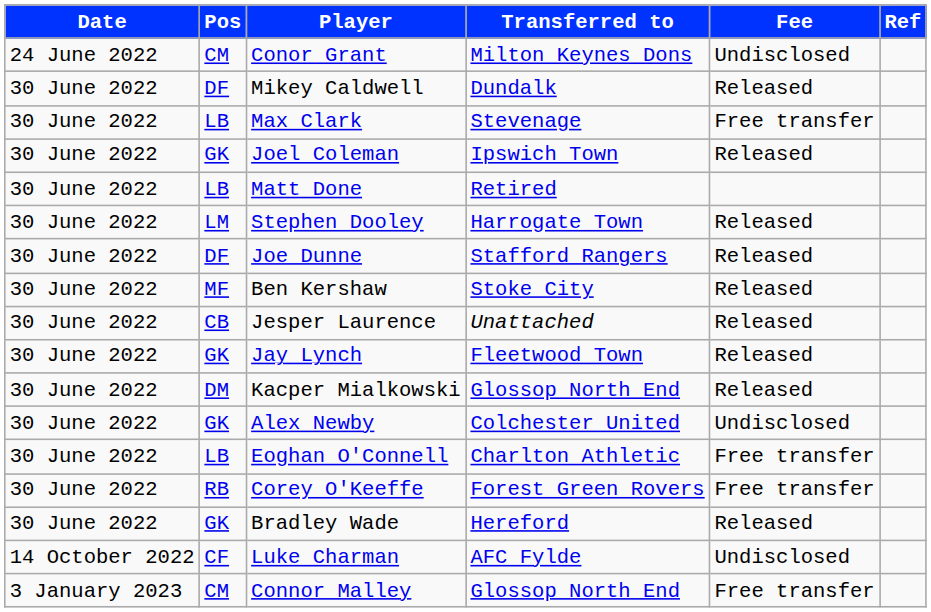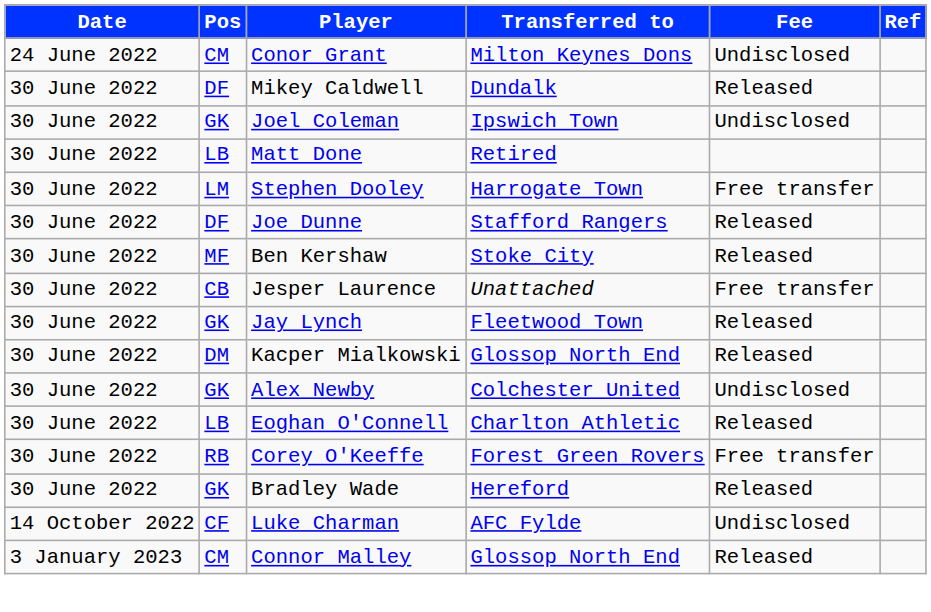 <table class="wikitable plainrowheaders sortable">
 <tr>
 <th style="background:#0033FF; color:#FFFFFF; ">Date</th>
 <th style="background:#0033FF; color:#FFFFFF; ">Pos</th>
 <th style="background:#0033FF; color:#FFFFFF; ">Player</th>
 <th style="background:#0033FF; color:#FFFFFF; ">Transferred to</th>
 <th style="background:#0033FF; color:#FFFFFF; ">Fee</th>
 <th style="background:#0033FF; color:#FFFFFF; ">Ref</th>
 </tr>
 <tr>
 <td>24 June 2022</td>
 <td><a href='#'>CM</a></td>
 <td> <a href='#'>Conor Grant</a></td>
 <td> <a href='#'>Milton Keynes Dons</a></td>
 <td>Undisclosed</td>
 <td></td>
 </tr>
 <tr>
 <td>30 June 2022</td>
 <td><a href='#'>DF</a></td>
 <td> Mikey Caldwell</td>
 <td> <a href='#'>Dundalk</a></td>
 <td>Released</td>
 <td></td>
 </tr>
 <tr>
 <td>30 June 2022</td>
-<td><a href='#'>LB</a></td>
-<td> <a href='#'>Max Clark</a></td>
-<td> <a href='#'>Stevenage</a></td>
-<td>Free transfer</td>
-<td></td>
-</tr>
-<tr>
-<td>30 June 2022</td>
 <td><a href='#'>GK</a></td>
 <td> <a href='#'>Joel Coleman</a></td>
 <td> <a href='#'>Ipswich Town</a></td>
-<td>Released</td>
+<td>Undisclosed</td>
 <td></td>
 </tr>
 <tr>
 <td>30 June 2022</td>
 <td><a href='#'>LB</a></td>
 <td> <a href='#'>Matt Done</a></td>
 <td><a href='#'>Retired</a></td>
 <td></td>
 <td></td>
 </tr>
 <tr>
 <td>30 June 2022</td>
 <td><a href='#'>LM</a></td>
 <td> <a href='#'>Stephen Dooley</a></td>
 <td> <a href='#'>Harrogate Town</a></td>
-<td>Released</td>
+<td>Free transfer</td>
 <td></td>
 </tr>
 <tr>
 <td>30 June 2022</td>
 <td><a href='#'>DF</a></td>
 <td> <a href='#'>Joe Dunne</a></td>
 <td> <a href='#'>Stafford Rangers</a></td>
 <td>Released</td>
 <td></td>
 </tr>
 <tr>
 <td>30 June 2022</td>
 <td><a href='#'>MF</a></td>
 <td> Ben Kershaw</td>
 <td> <a href='#'>Stoke City</a></td>
 <td>Released</td>
 <td></td>
 </tr>
 <tr>
 <td>30 June 2022</td>
 <td><a href='#'>CB</a></td>
 <td> Jesper Laurence</td>
 <td> <em>Unattached</em></td>
-<td>Released</td>
+<td>Free transfer</td>
 <td></td>
 </tr>
 <tr>
 <td>30 June 2022</td>
 <td><a href='#'>GK</a></td>
 <td> <a href='#'>Jay Lynch</a></td>
 <td> <a href='#'>Fleetwood Town</a></td>
 <td>Released</td>
 <td></td>
 </tr>
 <tr>
 <td>30 June 2022</td>
 <td><a href='#'>DM</a></td>
 <td> Kacper Mialkowski</td>
 <td> <a href='#'>Glossop North End</a></td>
 <td>Released</td>
 <td></td>
 </tr>
 <tr>
 <td>30 June 2022</td>
 <td><a href='#'>GK</a></td>
 <td> <a href='#'>Alex Newby</a></td>
 <td> <a href='#'>Colchester United</a></td>
 <td>Undisclosed</td>
 <td></td>
 </tr>
 <tr>
 <td>30 June 2022</td>
 <td><a href='#'>LB</a></td>
 <td> <a href='#'>Eoghan O'Connell</a></td>
 <td> <a href='#'>Charlton Athletic</a></td>
-<td>Free transfer</td>
+<td>Released</td>
 <td></td>
 </tr>
 <tr>
 <td>30 June 2022</td>
 <td><a href='#'>RB</a></td>
 <td> <a href='#'>Corey O'Keeffe</a></td>
 <td> <a href='#'>Forest Green Rovers</a></td>
 <td>Free transfer</td>
 <td></td>
 </tr>
 <tr>
 <td>30 June 2022</td>
 <td><a href='#'>GK</a></td>
 <td> Bradley Wade</td>
 <td> <a href='#'>Hereford</a></td>
 <td>Released</td>
 <td></td>
 </tr>
 <tr>
 <td>14 October 2022</td>
 <td><a href='#'>CF</a></td>
 <td> <a href='#'>Luke Charman</a></td>
 <td> <a href='#'>AFC Fylde</a></td>
 <td>Undisclosed</td>
 <td></td>
 </tr>
 <tr>
 <td>3 January 2023</td>
 <td><a href='#'>CM</a></td>
 <td> <a href='#'>Connor Malley</a></td>
 <td> <a href='#'>Glossop North End</a></td>
-<td>Free transfer</td>
+<td>Released</td>
 <td></td>
 </tr>
 </table>
